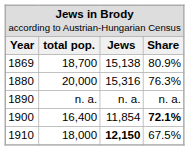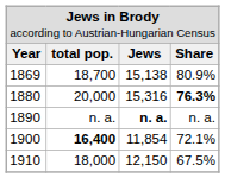 <table cellpadding="3" cellspacing="0" width=250 align="right" rules="all" style="margin: 1em; background: #ffffff; border: 2px solid #aaa; font-size: 100%;">
 <tr bgcolor=#DDDDDD>
 <td colspan=8 align="center"><strong>Jews in Brody</strong><br><small>according to Austrian-Hungarian Census</small></td>
 </tr>
 <tr bgcolor=#f0f0f0 align="center">
 <th>Year</th>
 <th>total pop.</th>
 <th>Jews</th>
 <th>Share</th>
 </tr>
 <tr align="right">
 <td align="left">1869</td>
 <td>18,700</td>
 <td>15,138</td>
 <td>80.9%</td>
 </tr>
 <tr align="right">
 <td align="left">1880</td>
 <td>20,000</td>
 <td>15,316</td>
-<td>76.3%</td>
+<td><strong>76.3%</strong></td>
 </tr>
 <tr align="right">
 <td align="left">1890</td>
 <td>n. a.</td>
-<td>n. a.</td>
+<td><strong>n. a.</strong></td>
 <td>n. a.</td>
 </tr>
 <tr align="right">
 <td align="left">1900</td>
-<td>16,400</td>
+<td><strong>16,400</strong></td>
 <td>11,854</td>
-<td><strong>72.1%</strong></td>
+<td>72.1%</td>
 </tr>
 <tr align="right">
 <td align="left">1910</td>
 <td>18,000</td>
-<td><strong>12,150</strong></td>
+<td>12,150</td>
 <td>67.5%</td>
 </tr>
 </table>
